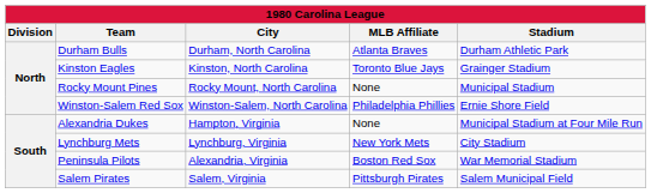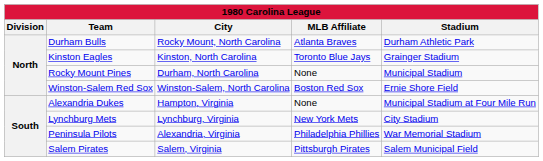 <table class="wikitable" style="width:auto">
 <tr>
 <td bgcolor="#DC143C" align="center" colspan="7"><strong><span>1980 Carolina League</span></strong></td>
 </tr>
 <tr>
 <th>Division</th>
 <th>Team</th>
 <th>City</th>
 <th>MLB Affiliate</th>
 <th>Stadium</th>
 </tr>
 <tr>
 <th rowspan="4">North</th>
 <td><a href='#'>Durham Bulls</a></td>
-<td><a href='#'>Durham, North Carolina</a></td>
+<td><a href='#'>Rocky Mount, North Carolina</a></td>
 <td><a href='#'>Atlanta Braves</a></td>
 <td><a href='#'>Durham Athletic Park</a></td>
 </tr>
 <tr>
 <td><a href='#'>Kinston Eagles</a></td>
 <td><a href='#'>Kinston, North Carolina</a></td>
 <td><a href='#'>Toronto Blue Jays</a></td>
 <td><a href='#'>Grainger Stadium</a></td>
 </tr>
 <tr>
 <td><a href='#'>Rocky Mount Pines</a></td>
-<td><a href='#'>Rocky Mount, North Carolina</a></td>
+<td><a href='#'>Durham, North Carolina</a></td>
 <td>None</td>
 <td><a href='#'>Municipal Stadium</a></td>
 </tr>
 <tr>
 <td><a href='#'>Winston-Salem Red Sox</a></td>
 <td><a href='#'>Winston-Salem, North Carolina</a></td>
-<td><a href='#'>Philadelphia Phillies</a></td>
+<td><a href='#'>Boston Red Sox</a></td>
 <td><a href='#'>Ernie Shore Field</a></td>
 </tr>
 <tr>
 <th rowspan="4">South</th>
 <td><a href='#'>Alexandria Dukes</a></td>
 <td><a href='#'>Hampton, Virginia</a></td>
 <td>None</td>
 <td><a href='#'>Municipal Stadium at Four Mile Run</a></td>
 </tr>
 <tr>
 <td><a href='#'>Lynchburg Mets</a></td>
 <td><a href='#'>Lynchburg, Virginia</a></td>
 <td><a href='#'>New York Mets</a></td>
 <td><a href='#'>City Stadium</a></td>
 </tr>
 <tr>
 <td><a href='#'>Peninsula Pilots</a></td>
 <td><a href='#'>Alexandria, Virginia</a></td>
-<td><a href='#'>Boston Red Sox</a></td>
+<td><a href='#'>Philadelphia Phillies</a></td>
 <td><a href='#'>War Memorial Stadium</a></td>
 </tr>
 <tr>
 <td><a href='#'>Salem Pirates</a></td>
 <td><a href='#'>Salem, Virginia</a></td>
 <td><a href='#'>Pittsburgh Pirates</a></td>
 <td><a href='#'>Salem Municipal Field</a></td>
 </tr>
 </table>
